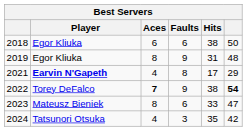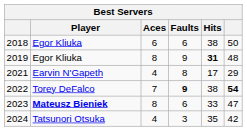 <table class="wikitable sortable" style=font-size:90%>
 <tr>
 <th colspan=7>Best Servers</th>
 </tr>
 <tr>
 <th></th>
 <th width=158>Player</th>
 <th width=20>Aces</th>
 <th width=20>Faults</th>
 <th width=20>Hits</th>
 <th width=20></th>
 </tr>
 <tr>
 <td>2018</td>
 <td> <a href='#'>Egor Kliuka</a></td>
 <td align=center>6</td>
 <td align=center>6</td>
 <td align=center>38</td>
 <td align=center>50</td>
 </tr>
 <tr>
 <td>2019</td>
 <td> Egor Kliuka</td>
 <td align=center>8</td>
 <td align=center>9</td>
-<td align=center>31</td>
+<td align=center><strong>31</strong></td>
 <td align=center>48</td>
 </tr>
 <tr>
 <td>2021</td>
-<td><strong> <a href='#'>Earvin N'Gapeth</a></strong></td>
+<td> <a href='#'>Earvin N'Gapeth</a></td>
 <td align=center>4</td>
 <td align=center>8</td>
 <td align=center>17</td>
 <td align=center>29</td>
 </tr>
 <tr>
 <td>2022</td>
 <td> <a href='#'>Torey DeFalco</a></td>
-<td align=center><strong>7</strong></td>
-<td align=center>9</td>
+<td align=center>7</td>
+<td align=center><strong>9</strong></td>
 <td align=center>38</td>
 <td align=center><strong>54</strong></td>
 </tr>
 <tr>
 <td>2023</td>
-<td> <a href='#'>Mateusz Bieniek</a></td>
+<td><strong> <a href='#'>Mateusz Bieniek</a></strong></td>
 <td align=center>8</td>
 <td align=center>6</td>
 <td align=center>33</td>
 <td align=center>47</td>
 </tr>
 <tr>
 <td>2024</td>
 <td> <a href='#'>Tatsunori Otsuka</a></td>
 <td align=center>4</td>
 <td align=center>3</td>
 <td align=center>35</td>
 <td align=center>42</td>
 </tr>
 </table>
